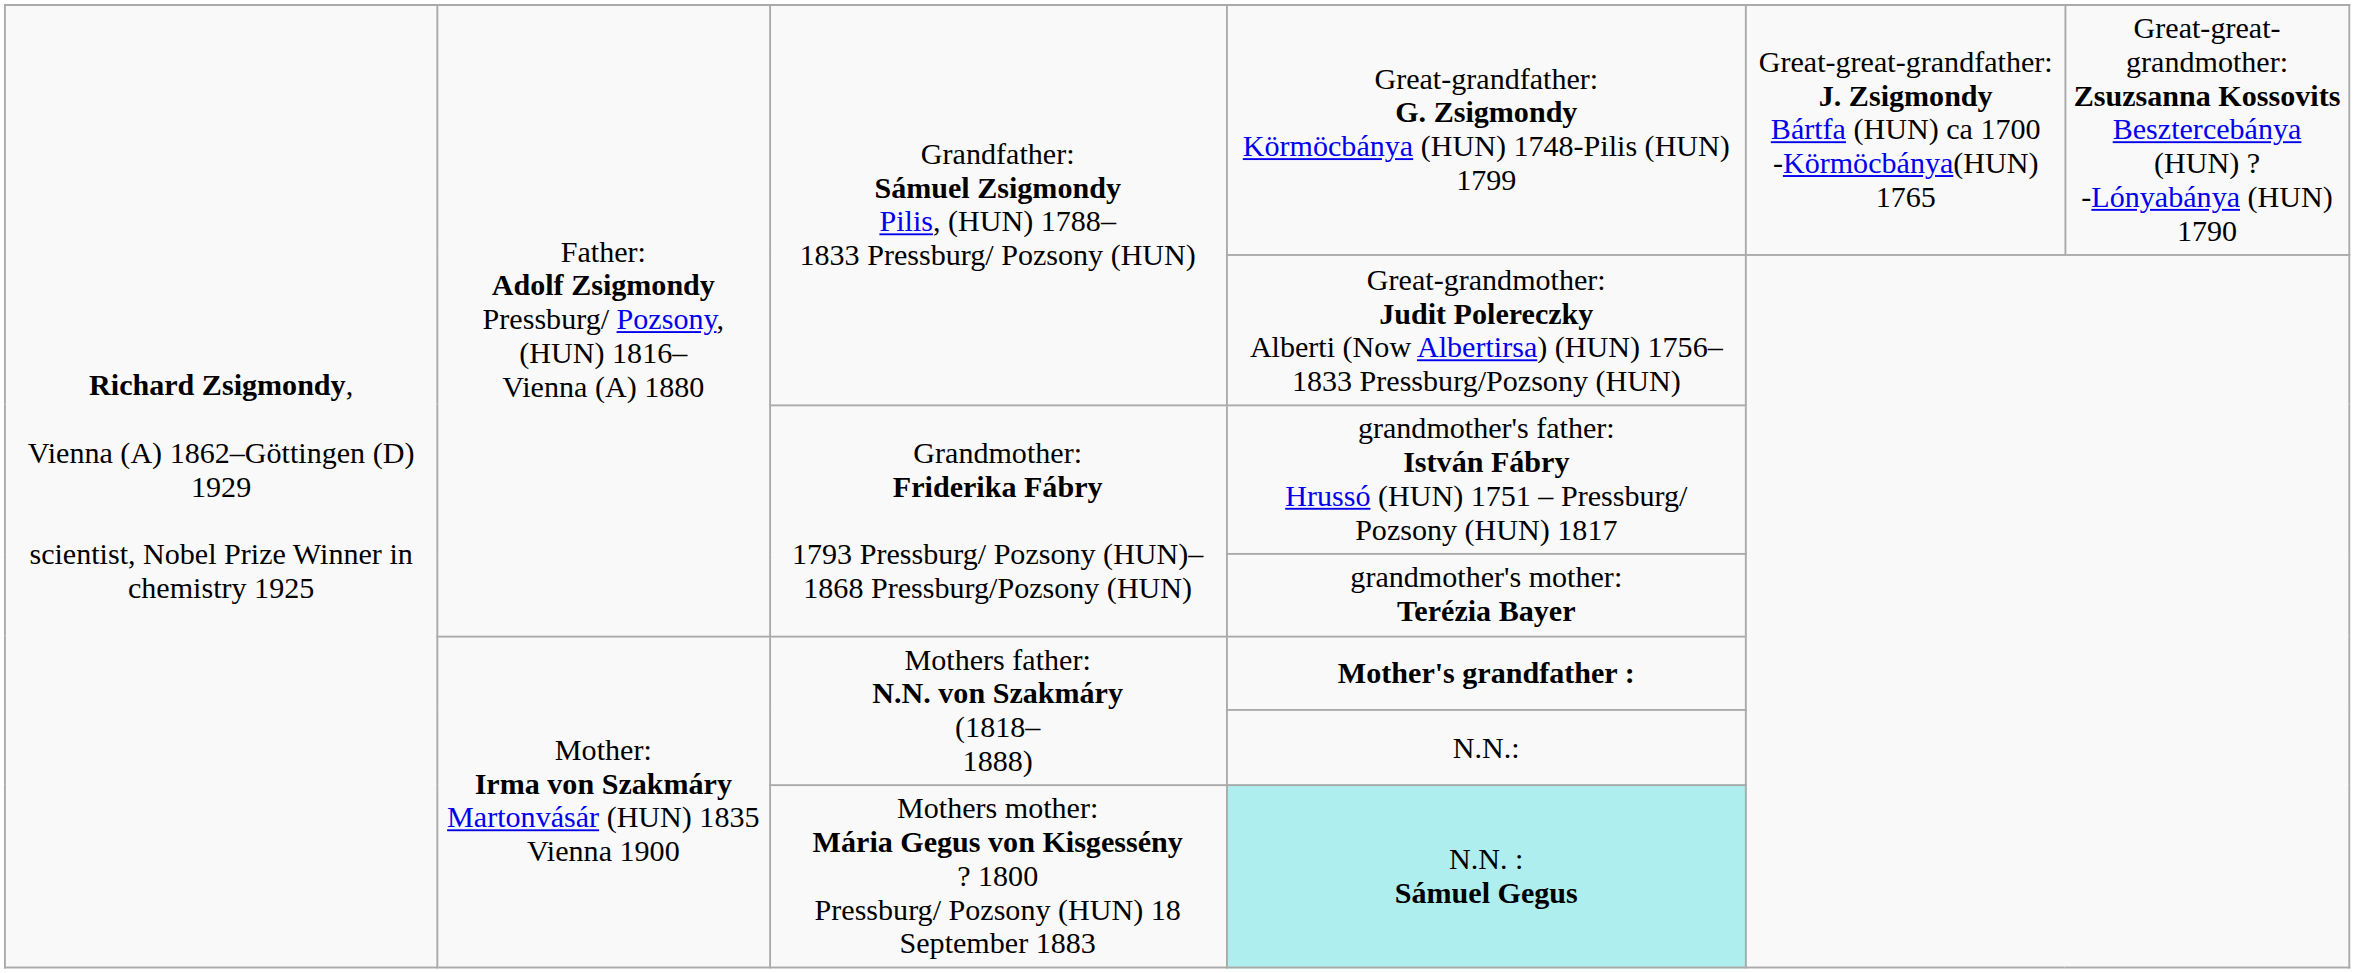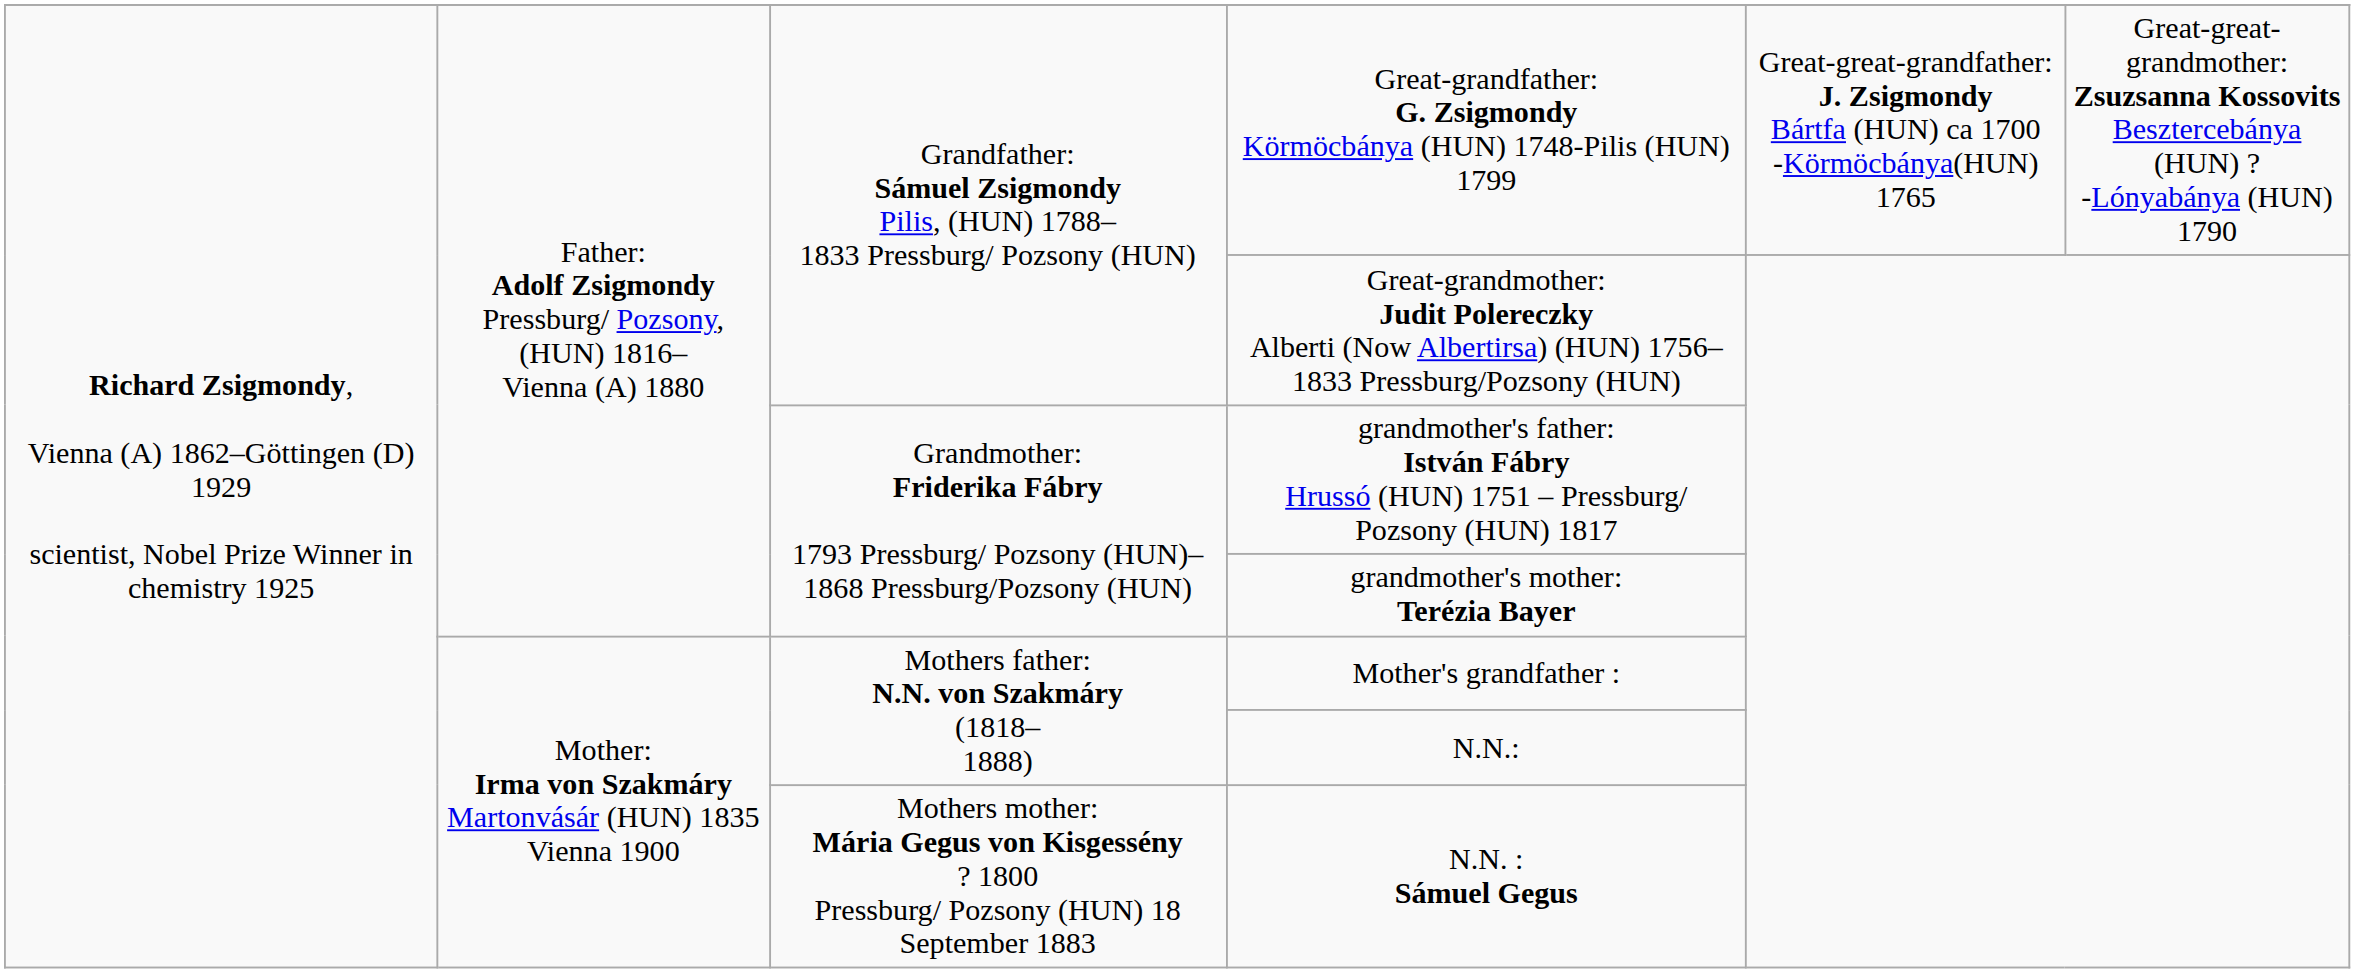 <table class="wikitable">
 <tr>
 </tr>
 <tr>
 <td rowspan="8" align="center"><strong>Richard Zsigmondy</strong>,<br><em> </em><br>Vienna (A) 1862–Göttingen (D) 1929<br> <br>scientist, Nobel Prize Winner in chemistry 1925</td>
 <td rowspan="4" align="center">Father:<br><strong>Adolf Zsigmondy</strong><br>Pressburg/ <a href='#'>Pozsony</a>, (HUN) 1816–<br> Vienna (A) 1880<br></td>
 <td rowspan="2" align="center">Grandfather:<br><strong>Sámuel Zsigmondy</strong><br><a href='#'>Pilis</a>, (HUN) 1788–<br>1833 Pressburg/ Pozsony (HUN)<br></td>
 <td align="center">Great-grandfather:<br><strong>G. Zsigmondy </strong><br><a href='#'>Körmöcbánya</a> (HUN) 1748-Pilis (HUN) 1799</td>
 <td align="center">Great-great-grandfather:<br><strong>J. Zsigmondy </strong><br><a href='#'>Bártfa</a> (HUN) ca 1700<br>-<a href='#'>Körmöcbánya</a>(HUN) 1765</td>
 <td align="center">Great-great-grandmother:<br><strong>Zsuzsanna Kossovits</strong><br><a href='#'>Besztercebánya</a> (HUN) ? <br>-<a href='#'>Lónyabánya</a> (HUN) 1790</td>
 </tr>
 <tr>
 <td align="center">Great-grandmother:<br><strong>Judit Polereczky </strong><br>Alberti (Now <a href='#'>Albertirsa</a>) (HUN) 1756–<br>1833 Pressburg/Pozsony (HUN)<br></td>
 </tr>
 <tr>
 <td rowspan="2" align="center">Grandmother:<br><strong>Friderika Fábry</strong><br><br>1793 Pressburg/ Pozsony (HUN)–<br>1868 Pressburg/Pozsony (HUN)</td>
 <td align="center">grandmother's father:<br><strong>István Fábry </strong><br><a href='#'>Hrussó</a> (HUN) 1751 – Pressburg/ Pozsony (HUN) 1817</td>
 </tr>
 <tr>
 <td align="center">grandmother's mother:<br><strong>Terézia Bayer </strong></td>
 </tr>
 <tr>
 <td rowspan="4" align="center">Mother:<br><strong>Irma von Szakmáry</strong><br><a href='#'>Martonvásár</a> (HUN) 1835<br>Vienna 1900<br></td>
 <td rowspan="2" align="center">Mothers father:<br><strong>N.N. von Szakmáry</strong><br>(1818–<br>1888)</td>
-<td align="center"><strong>Mother's grandfather :<br></strong></td>
+<td align="center">Mother's grandfather :<br></td>
 </tr>
 <tr>
 <td align="center">N.N.:<br><strong> </strong></td>
 </tr>
 <tr>
 <td rowspan="2" align="center">Mothers mother:<br><strong>Mária Gegus von Kisgessény</strong> <br> ? 1800 <br> Pressburg/ Pozsony (HUN) 18 September 1883</td>
-<td align="center" style="background: paleturquoise;">N.N. :<br><strong>Sámuel Gegus </strong></td>
+<td align="center">N.N. :<br><strong>Sámuel Gegus </strong></td>
 </tr>
 </table>
